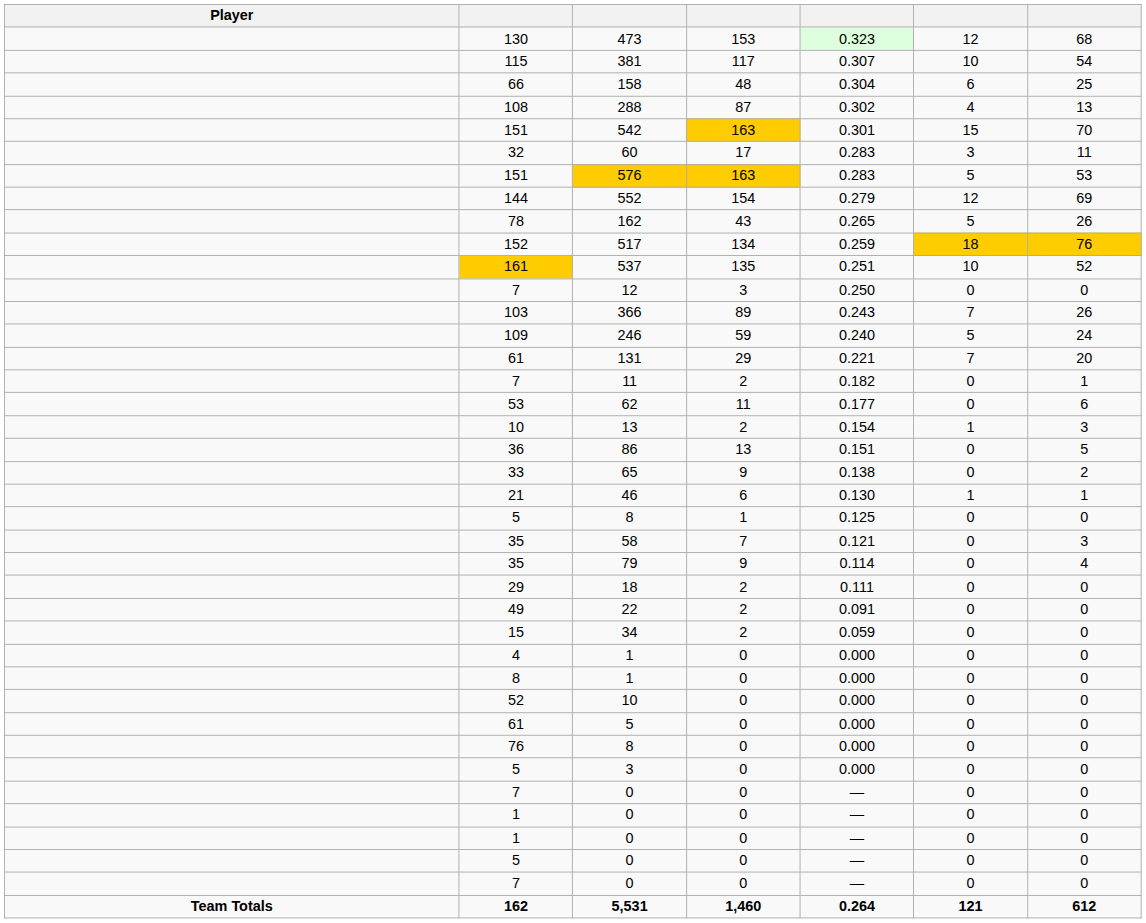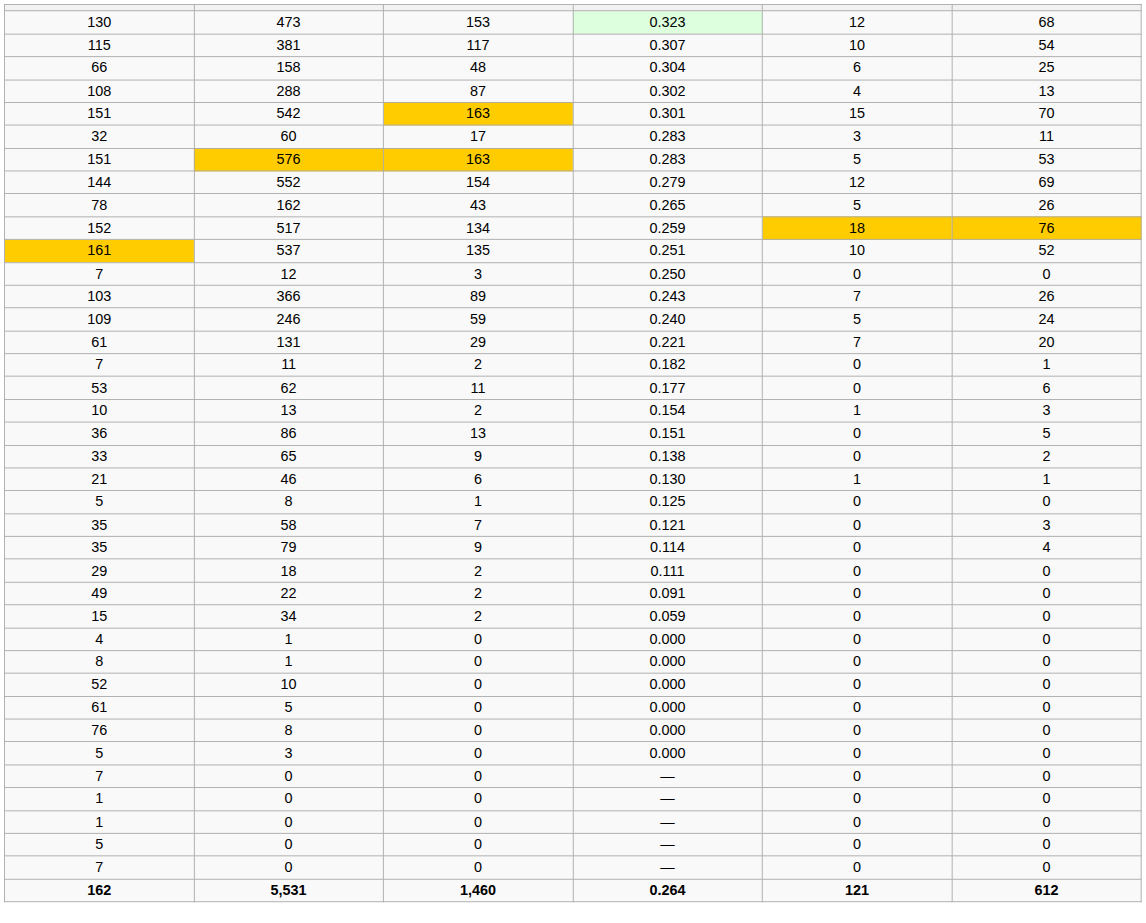 <table class="wikitable sortable" style="text-align:center;" width="100%">
 <tr>
-<th width="40%">Player</th>
 <th width="10%"></th>
 <th width="10%"></th>
 <th width="10%"></th>
 <th width="10%"></th>
 <th width="10%"></th>
 <th width="10%"></th>
 </tr>
 <tr>
-<td></td>
 <td>130</td>
 <td>473</td>
 <td>153</td>
 <td style="background:#DDFFDD;">0.323</td>
 <td>12</td>
 <td>68</td>
 </tr>
 <tr>
-<td></td>
 <td>115</td>
 <td>381</td>
 <td>117</td>
 <td>0.307</td>
 <td>10</td>
 <td>54</td>
 </tr>
 <tr>
-<td></td>
 <td>66</td>
 <td>158</td>
 <td>48</td>
 <td>0.304</td>
 <td>6</td>
 <td>25</td>
 </tr>
 <tr>
-<td></td>
 <td>108</td>
 <td>288</td>
 <td>87</td>
 <td>0.302</td>
 <td>4</td>
 <td>13</td>
 </tr>
 <tr>
-<td></td>
 <td>151</td>
 <td>542</td>
 <td style="background:#fc0;">163</td>
 <td>0.301</td>
 <td>15</td>
 <td>70</td>
 </tr>
 <tr>
-<td></td>
 <td>32</td>
 <td>60</td>
 <td>17</td>
 <td>0.283</td>
 <td>3</td>
 <td>11</td>
 </tr>
 <tr>
-<td></td>
 <td>151</td>
 <td style="background:#fc0;">576</td>
 <td style="background:#fc0;">163</td>
 <td>0.283</td>
 <td>5</td>
 <td>53</td>
 </tr>
 <tr>
-<td></td>
 <td>144</td>
 <td>552</td>
 <td>154</td>
 <td>0.279</td>
 <td>12</td>
 <td>69</td>
 </tr>
 <tr>
-<td></td>
 <td>78</td>
 <td>162</td>
 <td>43</td>
 <td>0.265</td>
 <td>5</td>
 <td>26</td>
 </tr>
 <tr>
-<td></td>
 <td>152</td>
 <td>517</td>
 <td>134</td>
 <td>0.259</td>
 <td style="background:#fc0;">18</td>
 <td style="background:#fc0;">76</td>
 </tr>
 <tr>
-<td></td>
 <td style="background:#fc0;">161</td>
 <td>537</td>
 <td>135</td>
 <td>0.251</td>
 <td>10</td>
 <td>52</td>
 </tr>
 <tr>
-<td></td>
 <td>7</td>
 <td>12</td>
 <td>3</td>
 <td>0.250</td>
 <td>0</td>
 <td>0</td>
 </tr>
 <tr>
-<td></td>
 <td>103</td>
 <td>366</td>
 <td>89</td>
 <td>0.243</td>
 <td>7</td>
 <td>26</td>
 </tr>
 <tr>
-<td></td>
 <td>109</td>
 <td>246</td>
 <td>59</td>
 <td>0.240</td>
 <td>5</td>
 <td>24</td>
 </tr>
 <tr>
-<td></td>
 <td>61</td>
 <td>131</td>
 <td>29</td>
 <td>0.221</td>
 <td>7</td>
 <td>20</td>
 </tr>
 <tr>
-<td></td>
 <td>7</td>
 <td>11</td>
 <td>2</td>
 <td>0.182</td>
 <td>0</td>
 <td>1</td>
 </tr>
 <tr>
-<td></td>
 <td>53</td>
 <td>62</td>
 <td>11</td>
 <td>0.177</td>
 <td>0</td>
 <td>6</td>
 </tr>
 <tr>
-<td></td>
 <td>10</td>
 <td>13</td>
 <td>2</td>
 <td>0.154</td>
 <td>1</td>
 <td>3</td>
 </tr>
 <tr>
-<td></td>
 <td>36</td>
 <td>86</td>
 <td>13</td>
 <td>0.151</td>
 <td>0</td>
 <td>5</td>
 </tr>
 <tr>
-<td></td>
 <td>33</td>
 <td>65</td>
 <td>9</td>
 <td>0.138</td>
 <td>0</td>
 <td>2</td>
 </tr>
 <tr>
-<td></td>
 <td>21</td>
 <td>46</td>
 <td>6</td>
 <td>0.130</td>
 <td>1</td>
 <td>1</td>
 </tr>
 <tr>
-<td></td>
 <td>5</td>
 <td>8</td>
 <td>1</td>
 <td>0.125</td>
 <td>0</td>
 <td>0</td>
 </tr>
 <tr>
-<td></td>
 <td>35</td>
 <td>58</td>
 <td>7</td>
 <td>0.121</td>
 <td>0</td>
 <td>3</td>
 </tr>
 <tr>
-<td></td>
 <td>35</td>
 <td>79</td>
 <td>9</td>
 <td>0.114</td>
 <td>0</td>
 <td>4</td>
 </tr>
 <tr>
-<td></td>
 <td>29</td>
 <td>18</td>
 <td>2</td>
 <td>0.111</td>
 <td>0</td>
 <td>0</td>
 </tr>
 <tr>
-<td></td>
 <td>49</td>
 <td>22</td>
 <td>2</td>
 <td>0.091</td>
 <td>0</td>
 <td>0</td>
 </tr>
 <tr>
-<td></td>
 <td>15</td>
 <td>34</td>
 <td>2</td>
 <td>0.059</td>
 <td>0</td>
 <td>0</td>
 </tr>
 <tr>
-<td></td>
 <td>4</td>
 <td>1</td>
 <td>0</td>
 <td>0.000</td>
 <td>0</td>
 <td>0</td>
 </tr>
 <tr>
-<td></td>
 <td>8</td>
 <td>1</td>
 <td>0</td>
 <td>0.000</td>
 <td>0</td>
 <td>0</td>
 </tr>
 <tr>
-<td></td>
 <td>52</td>
 <td>10</td>
 <td>0</td>
 <td>0.000</td>
 <td>0</td>
 <td>0</td>
 </tr>
 <tr>
-<td></td>
 <td>61</td>
 <td>5</td>
 <td>0</td>
 <td>0.000</td>
 <td>0</td>
 <td>0</td>
 </tr>
 <tr>
-<td></td>
 <td>76</td>
 <td>8</td>
 <td>0</td>
 <td>0.000</td>
 <td>0</td>
 <td>0</td>
 </tr>
 <tr>
-<td></td>
 <td>5</td>
 <td>3</td>
 <td>0</td>
 <td>0.000</td>
 <td>0</td>
 <td>0</td>
 </tr>
 <tr>
-<td></td>
 <td>7</td>
 <td>0</td>
 <td>0</td>
 <td>—</td>
 <td>0</td>
 <td>0</td>
 </tr>
 <tr>
-<td></td>
 <td>1</td>
 <td>0</td>
 <td>0</td>
 <td>—</td>
 <td>0</td>
 <td>0</td>
 </tr>
 <tr>
-<td></td>
 <td>1</td>
 <td>0</td>
 <td>0</td>
 <td>—</td>
 <td>0</td>
 <td>0</td>
 </tr>
 <tr>
-<td></td>
 <td>5</td>
 <td>0</td>
 <td>0</td>
 <td>—</td>
 <td>0</td>
 <td>0</td>
 </tr>
 <tr>
-<td></td>
 <td>7</td>
 <td>0</td>
 <td>0</td>
 <td>—</td>
 <td>0</td>
 <td>0</td>
 </tr>
 <tr>
-<td><strong>Team Totals</strong></td>
 <td><strong>162</strong></td>
 <td><strong>5,531</strong></td>
 <td><strong>1,460</strong></td>
 <td><strong>0.264</strong></td>
 <td><strong>121</strong></td>
 <td><strong>612</strong></td>
 </tr>
 </table>
